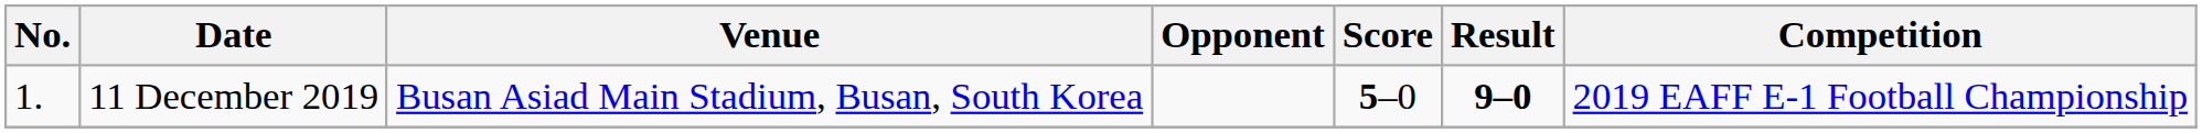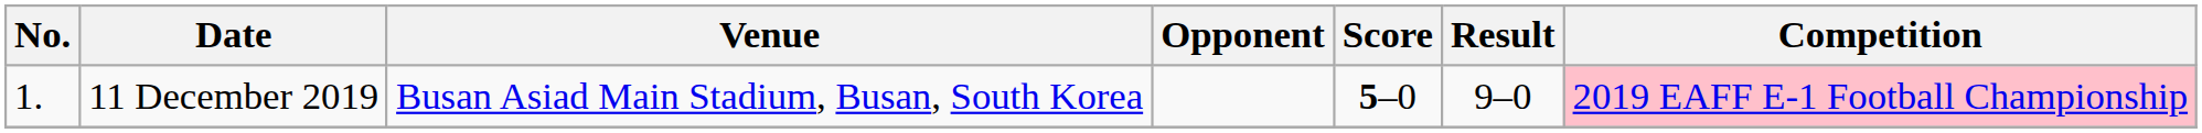 <table class="wikitable">
 <tr>
 <th>No.</th>
 <th>Date</th>
 <th>Venue</th>
 <th>Opponent</th>
 <th>Score</th>
 <th>Result</th>
 <th>Competition</th>
 </tr>
 <tr>
 <td>1.</td>
 <td>11 December 2019</td>
 <td><a href='#'>Busan Asiad Main Stadium</a>, <a href='#'>Busan</a>, <a href='#'>South Korea</a></td>
 <td></td>
 <td align=center><strong>5</strong>–0</td>
-<td align=center><strong>9–0</strong></td>
-<td><a href='#'>2019 EAFF E-1 Football Championship</a></td>
+<td align=center>9–0</td>
+<td style="background: pink;"><a href='#'>2019 EAFF E-1 Football Championship</a></td>
 </tr>
 <tr>
 </tr>
 </table>
